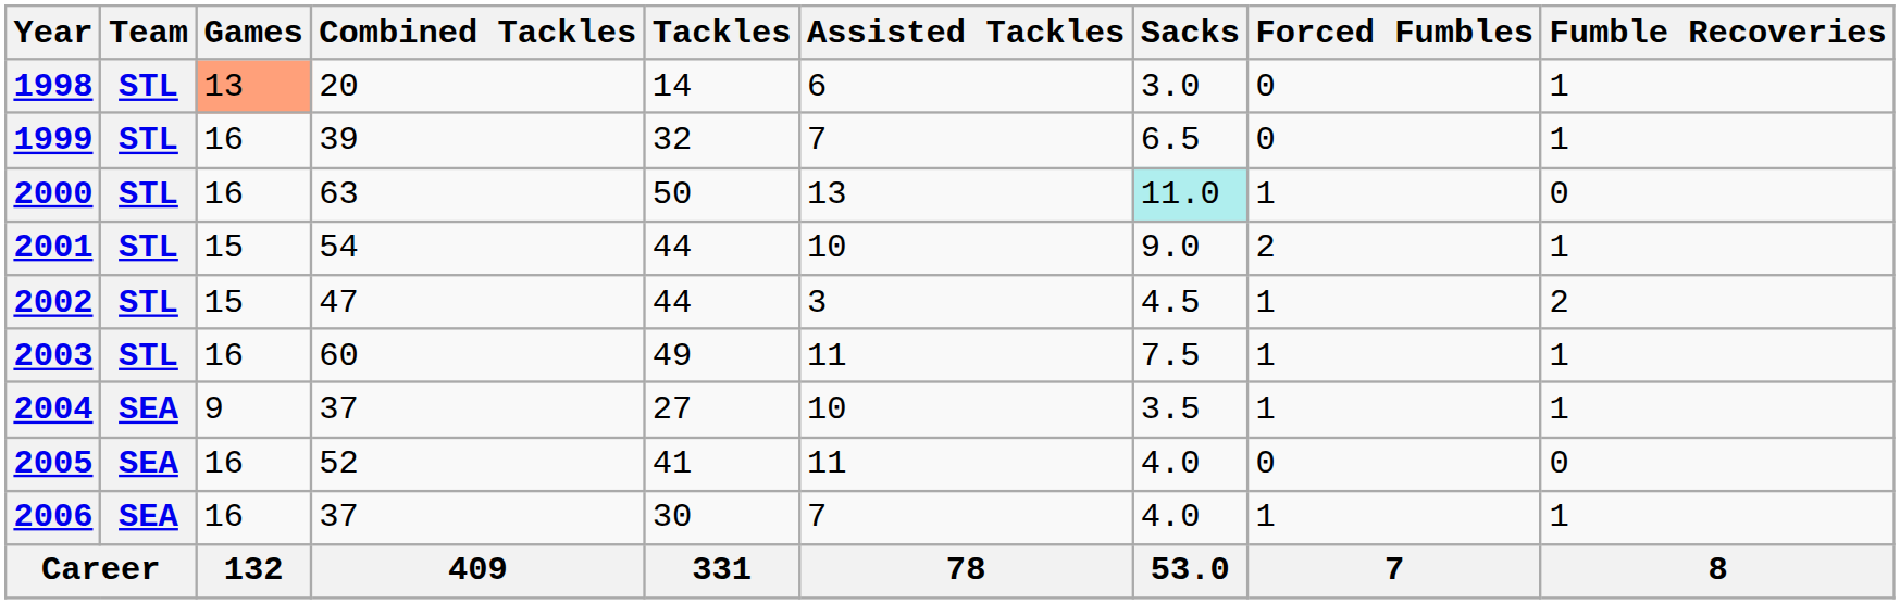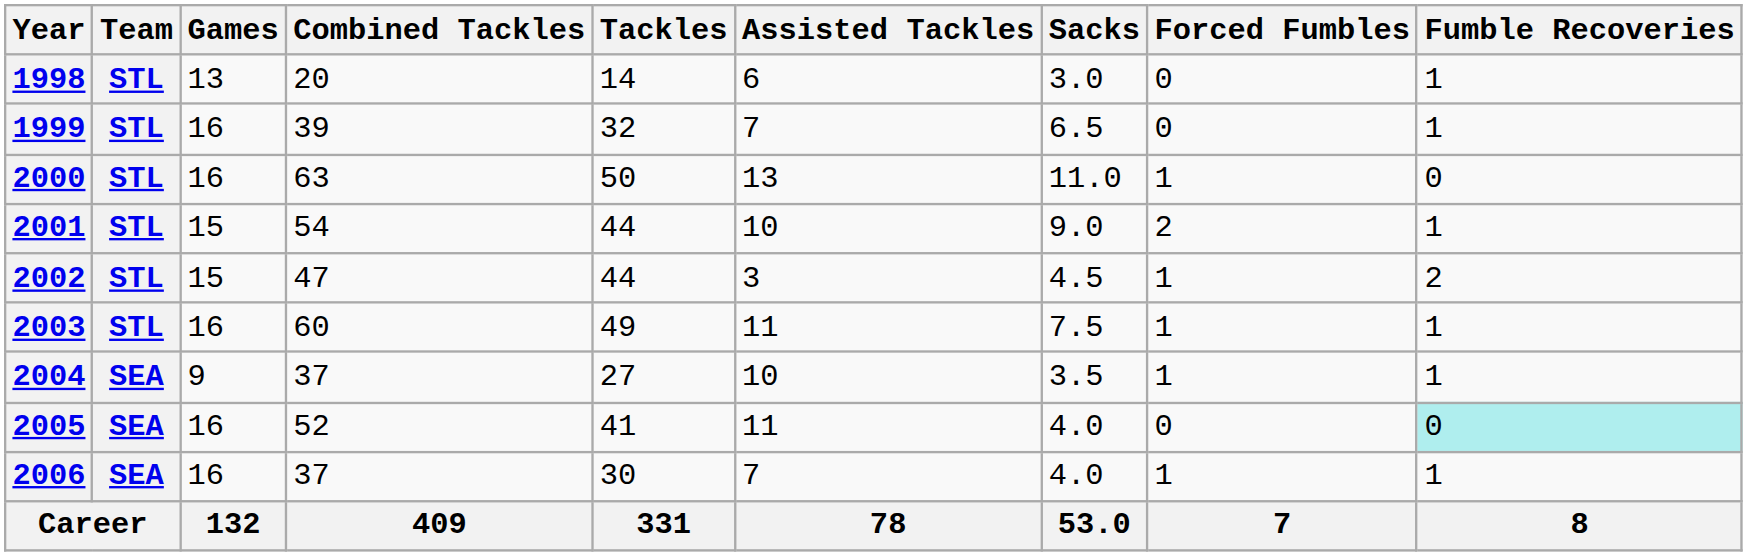 <table class="wikitable">
 <tr>
 <th>Year</th>
 <th>Team</th>
 <th>Games</th>
 <th>Combined Tackles</th>
 <th>Tackles</th>
 <th>Assisted Tackles</th>
 <th>Sacks</th>
 <th>Forced Fumbles</th>
 <th>Fumble Recoveries</th>
 </tr>
 <tr>
 <th><a href='#'>1998</a></th>
 <th><a href='#'>STL</a></th>
-<td style="background: lightsalmon;">13</td>
+<td>13</td>
 <td>20</td>
 <td>14</td>
 <td>6</td>
 <td>3.0</td>
 <td>0</td>
 <td>1</td>
 </tr>
 <tr>
 <th><a href='#'>1999</a></th>
 <th><a href='#'>STL</a></th>
 <td>16</td>
 <td>39</td>
 <td>32</td>
 <td>7</td>
 <td>6.5</td>
 <td>0</td>
 <td>1</td>
 </tr>
 <tr>
 <th><a href='#'>2000</a></th>
 <th><a href='#'>STL</a></th>
 <td>16</td>
 <td>63</td>
 <td>50</td>
 <td>13</td>
-<td style="background: paleturquoise;">11.0</td>
+<td>11.0</td>
 <td>1</td>
 <td>0</td>
 </tr>
 <tr>
 <th><a href='#'>2001</a></th>
 <th><a href='#'>STL</a></th>
 <td>15</td>
 <td>54</td>
 <td>44</td>
 <td>10</td>
 <td>9.0</td>
 <td>2</td>
 <td>1</td>
 </tr>
 <tr>
 <th><a href='#'>2002</a></th>
 <th><a href='#'>STL</a></th>
 <td>15</td>
 <td>47</td>
 <td>44</td>
 <td>3</td>
 <td>4.5</td>
 <td>1</td>
 <td>2</td>
 </tr>
 <tr>
 <th><a href='#'>2003</a></th>
 <th><a href='#'>STL</a></th>
 <td>16</td>
 <td>60</td>
 <td>49</td>
 <td>11</td>
 <td>7.5</td>
 <td>1</td>
 <td>1</td>
 </tr>
 <tr>
 <th><a href='#'>2004</a></th>
 <th><a href='#'>SEA</a></th>
 <td>9</td>
 <td>37</td>
 <td>27</td>
 <td>10</td>
 <td>3.5</td>
 <td>1</td>
 <td>1</td>
 </tr>
 <tr>
 <th><a href='#'>2005</a></th>
 <th><a href='#'>SEA</a></th>
 <td>16</td>
 <td>52</td>
 <td>41</td>
 <td>11</td>
 <td>4.0</td>
 <td>0</td>
-<td>0</td>
+<td style="background: paleturquoise;">0</td>
 </tr>
 <tr>
 <th><a href='#'>2006</a></th>
 <th><a href='#'>SEA</a></th>
 <td>16</td>
 <td>37</td>
 <td>30</td>
 <td>7</td>
 <td>4.0</td>
 <td>1</td>
 <td>1</td>
 </tr>
 <tr>
 <th colspan="2">Career</th>
 <th>132</th>
 <th>409</th>
 <th>331</th>
 <th>78</th>
 <th>53.0</th>
 <th>7</th>
 <th>8</th>
 </tr>
 </table>
